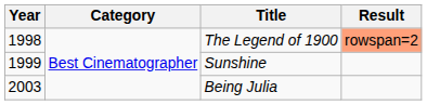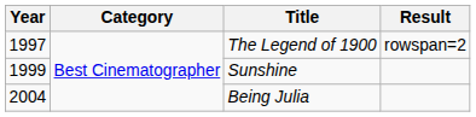 <table class="wikitable">
 <tr>
 <th>Year</th>
 <th>Category</th>
 <th>Title</th>
 <th>Result</th>
 </tr>
 <tr>
-<td>1998</td>
+<td>1997</td>
 <td rowspan=3><a href='#'>Best Cinematographer</a></td>
 <td><em>The Legend of 1900</em></td>
-<td style="background: lightsalmon;">rowspan=2 </td>
+<td>rowspan=2 </td>
 </tr>
 <tr>
 <td>1999</td>
 <td><em>Sunshine</em></td>
 </tr>
 <tr>
-<td>2003</td>
+<td>2004</td>
 <td><em>Being Julia</em></td>
 <td></td>
 </tr>
 </table>
